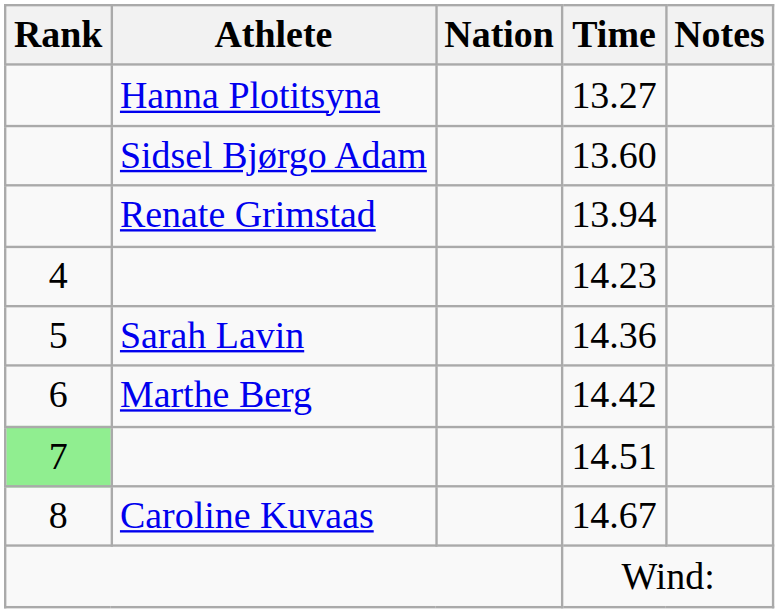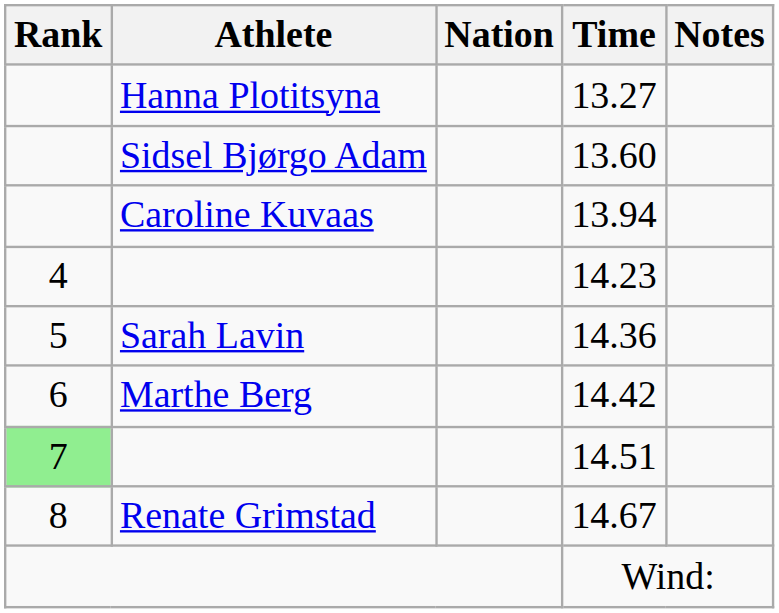 <table class="wikitable sortable" style="text-align:center;">
 <tr>
 <th scope="col" style="width: 10px;">Rank</th>
 <th scope="col">Athlete</th>
 <th scope="col">Nation</th>
 <th scope="col">Time</th>
 <th scope="col">Notes</th>
 </tr>
 <tr>
 <td></td>
 <td align=left><a href='#'>Hanna Plotitsyna</a></td>
 <td align=left></td>
 <td>13.27</td>
 <td></td>
 </tr>
 <tr>
 <td></td>
 <td align=left><a href='#'>Sidsel Bjørgo Adam</a></td>
 <td align=left></td>
 <td>13.60</td>
 <td></td>
 </tr>
 <tr>
 <td></td>
-<td align=left><a href='#'>Renate Grimstad</a></td>
+<td align=left><a href='#'>Caroline Kuvaas</a></td>
 <td align=left></td>
 <td>13.94</td>
 <td></td>
 </tr>
 <tr>
 <td>4</td>
 <td align=left></td>
 <td align=left></td>
 <td>14.23</td>
 <td></td>
 </tr>
 <tr>
 <td>5</td>
 <td align=left><a href='#'>Sarah Lavin</a></td>
 <td align=left></td>
 <td>14.36</td>
 <td></td>
 </tr>
 <tr>
 <td>6</td>
 <td align=left><a href='#'>Marthe Berg</a></td>
 <td align=left></td>
 <td>14.42</td>
 <td></td>
 </tr>
 <tr>
 <td style="background: lightgreen;">7</td>
 <td align=left></td>
 <td align=left></td>
 <td>14.51</td>
 <td></td>
 </tr>
 <tr>
 <td>8</td>
-<td align=left><a href='#'>Caroline Kuvaas</a></td>
+<td align=left><a href='#'>Renate Grimstad</a></td>
 <td align=left></td>
 <td>14.67</td>
 <td></td>
 </tr>
 <tr class="sortbottom">
 <td colspan="3"></td>
 <td colspan="2">Wind: </td>
 </tr>
 </table>
